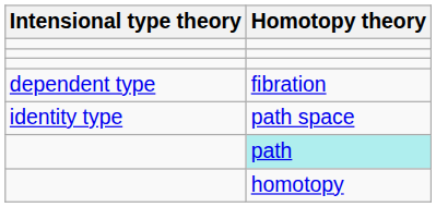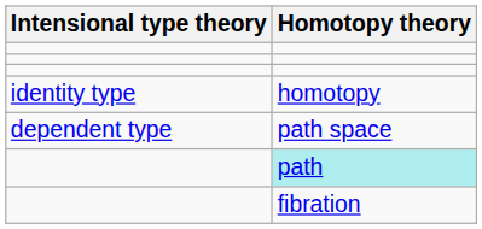 <table class=wikitable style="float: right; margin: 1em 0em 0em 1em;">
 <tr>
 <th>Intensional type theory</th>
 <th>Homotopy theory</th>
 </tr>
 <tr>
 <td></td>
 <td></td>
 </tr>
 <tr>
 <td></td>
 <td></td>
 </tr>
 <tr>
 <td></td>
 <td></td>
 </tr>
 <tr>
-<td><a href='#'>dependent type</a></td>
-<td><a href='#'>fibration</a></td>
+<td><a href='#'>identity type</a></td>
+<td><a href='#'>homotopy</a></td>
 </tr>
 <tr>
-<td><a href='#'>identity type</a></td>
+<td><a href='#'>dependent type</a></td>
 <td><a href='#'>path space</a></td>
 </tr>
 <tr>
 <td></td>
 <td style="background: paleturquoise;"><a href='#'>path</a></td>
 </tr>
 <tr>
 <td></td>
-<td><a href='#'>homotopy</a></td>
+<td><a href='#'>fibration</a></td>
 </tr>
 </table>
